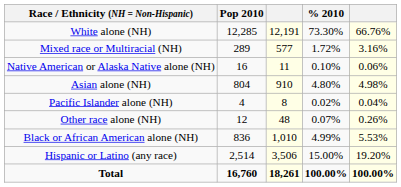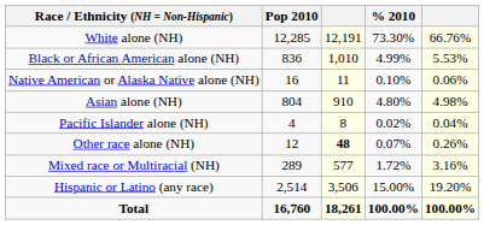 <table class="wikitable" style="text-align:center;">
 <tr>
 <th>Race / Ethnicity <small>(<em>NH = Non-Hispanic</em>)</small></th>
 <th>Pop 2010</th>
 <th></th>
 <th>% 2010</th>
 <th></th>
 </tr>
 <tr>
 <td><a href='#'>White</a> alone (NH)</td>
 <td>12,285</td>
 <td style='background: #ffffe6;'>12,191</td>
 <td>73.30%</td>
 <td style='background: #ffffe6;'>66.76%</td>
 </tr>
 <tr>
-<td><a href='#'>Mixed race or Multiracial</a> (NH)</td>
-<td>289</td>
-<td style='background: #ffffe6;'>577</td>
-<td>1.72%</td>
-<td style='background: #ffffe6;'>3.16%</td>
+<td><a href='#'>Black or African American</a> alone (NH)</td>
+<td>836</td>
+<td style='background: #ffffe6;'>1,010</td>
+<td>4.99%</td>
+<td style='background: #ffffe6;'>5.53%</td>
 </tr>
 <tr>
 <td><a href='#'>Native American</a> or <a href='#'>Alaska Native</a> alone (NH)</td>
 <td>16</td>
 <td style='background: #ffffe6;'>11</td>
 <td>0.10%</td>
 <td style='background: #ffffe6;'>0.06%</td>
 </tr>
 <tr>
 <td><a href='#'>Asian</a> alone (NH)</td>
 <td>804</td>
 <td style='background: #ffffe6;'>910</td>
 <td>4.80%</td>
 <td style='background: #ffffe6;'>4.98%</td>
 </tr>
 <tr>
 <td><a href='#'>Pacific Islander</a> alone (NH)</td>
 <td>4</td>
 <td style='background: #ffffe6;'>8</td>
 <td>0.02%</td>
 <td style='background: #ffffe6;'>0.04%</td>
 </tr>
 <tr>
 <td><a href='#'>Other race</a> alone (NH)</td>
 <td>12</td>
-<td style='background: #ffffe6;'>48</td>
+<td style='background: #ffffe6;'><strong>48</strong></td>
 <td>0.07%</td>
 <td style='background: #ffffe6;'>0.26%</td>
 </tr>
 <tr>
-<td><a href='#'>Black or African American</a> alone (NH)</td>
-<td>836</td>
-<td style='background: #ffffe6;'>1,010</td>
-<td>4.99%</td>
-<td style='background: #ffffe6;'>5.53%</td>
+<td><a href='#'>Mixed race or Multiracial</a> (NH)</td>
+<td>289</td>
+<td style='background: #ffffe6;'>577</td>
+<td>1.72%</td>
+<td style='background: #ffffe6;'>3.16%</td>
 </tr>
 <tr>
 <td><a href='#'>Hispanic or Latino</a> (any race)</td>
 <td>2,514</td>
 <td style='background: #ffffe6;'>3,506</td>
 <td>15.00%</td>
 <td style='background: #ffffe6;'>19.20%</td>
 </tr>
 <tr>
 <td><strong>Total</strong></td>
 <td><strong>16,760</strong></td>
 <td style='background: #ffffe6;'><strong>18,261</strong></td>
 <td><strong>100.00%</strong></td>
 <td style='background: #ffffe6;'><strong>100.00%</strong></td>
 </tr>
 </table>
